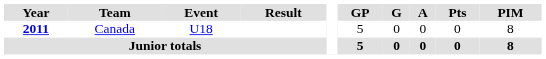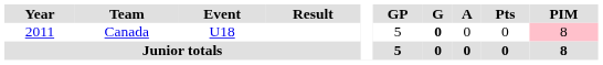 <table border="0" cellpadding="1" cellspacing="0" style="text-align:center; width:40em">
 <tr ALIGN="center" bgcolor="#e0e0e0">
 <th>Year</th>
 <th>Team</th>
 <th>Event</th>
 <th>Result</th>
 <th rowspan="99" bgcolor="#ffffff"> </th>
 <th>GP</th>
 <th>G</th>
 <th>A</th>
 <th>Pts</th>
 <th>PIM</th>
 </tr>
 <tr>
-<td><strong><a href='#'>2011</a></strong></td>
+<td><a href='#'>2011</a></td>
 <td><a href='#'>Canada</a></td>
 <td><a href='#'>U18</a></td>
 <td></td>
 <td>5</td>
+<td><strong>0</strong></td>
 <td>0</td>
 <td>0</td>
-<td>0</td>
-<td>8</td>
+<td style="background: pink;">8</td>
 </tr>
 <tr bgcolor="#e0e0e0">
 <th colspan=4>Junior totals</th>
 <th>5</th>
 <th>0</th>
 <th>0</th>
 <th>0</th>
 <th>8</th>
 </tr>
 </table>
